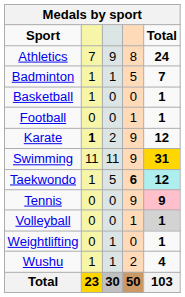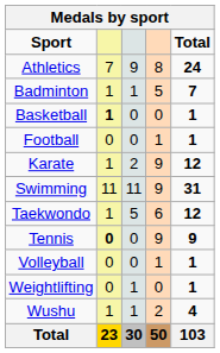 <table class="wikitable" style="font-size:85%">
 <tr style="background:#efefef;">
 <th colspan=7><strong>Medals by sport</strong></th>
 </tr>
 <tr align=center>
 <td><strong>Sport</strong></td>
 <td bgcolor=#f7f6a8></td>
 <td bgcolor=#dce5e5></td>
 <td bgcolor=#ffdab9></td>
 <td><strong>Total</strong></td>
 </tr>
 <tr align=center>
 <td><a href='#'>Athletics</a></td>
 <td style="background:#F7F6A8;">7</td>
 <td style="background:#DCE5E5;">9</td>
 <td style="background:#FFDAB9;">8</td>
 <td><strong>24</strong></td>
 </tr>
 <tr align=center>
 <td><a href='#'>Badminton</a></td>
 <td style="background:#F7F6A8;">1</td>
 <td style="background:#DCE5E5;">1</td>
 <td style="background:#FFDAB9;">5</td>
 <td><strong>7</strong></td>
 </tr>
 <tr align=center>
 <td><a href='#'>Basketball</a></td>
-<td style="background:#F7F6A8;">1</td>
+<td style="background:#F7F6A8;"><strong>1</strong></td>
 <td style="background:#DCE5E5;">0</td>
 <td style="background:#FFDAB9;">0</td>
 <td><strong>1</strong></td>
 </tr>
 <tr align=center>
 <td><a href='#'>Football</a></td>
 <td style="background:#F7F6A8;">0</td>
 <td style="background:#DCE5E5;">0</td>
 <td style="background:#FFDAB9;">1</td>
 <td><strong>1</strong></td>
 </tr>
 <tr align=center>
 <td><a href='#'>Karate</a></td>
-<td style="background:#F7F6A8;"><strong>1</strong></td>
+<td style="background:#F7F6A8;">1</td>
 <td style="background:#DCE5E5;">2</td>
 <td style="background:#FFDAB9;">9</td>
 <td><strong>12</strong></td>
 </tr>
 <tr align=center>
 <td><a href='#'>Swimming</a></td>
 <td style="background:#F7F6A8;">11</td>
 <td style="background:#DCE5E5;">11</td>
 <td style="background:#FFDAB9;">9</td>
-<td style="background: gold;"><strong>31</strong></td>
+<td><strong>31</strong></td>
 </tr>
 <tr align=center>
 <td><a href='#'>Taekwondo</a></td>
 <td style="background:#F7F6A8;">1</td>
 <td style="background:#DCE5E5;">5</td>
-<td style="background:#FFDAB9;"><strong>6</strong></td>
-<td style="background: paleturquoise;"><strong>12</strong></td>
+<td style="background:#FFDAB9;">6</td>
+<td><strong>12</strong></td>
 </tr>
 <tr align=center>
 <td><a href='#'>Tennis</a></td>
-<td style="background:#F7F6A8;">0</td>
+<td style="background:#F7F6A8;"><strong>0</strong></td>
 <td style="background:#DCE5E5;">0</td>
 <td style="background:#FFDAB9;">9</td>
-<td style="background: pink;"><strong>9</strong></td>
+<td><strong>9</strong></td>
 </tr>
 <tr align=center>
 <td><a href='#'>Volleyball</a></td>
 <td style="background:#F7F6A8;">0</td>
 <td style="background:#DCE5E5;">0</td>
 <td style="background:#FFDAB9;">1</td>
-<td style="background: lightgrey;"><strong>1</strong></td>
+<td><strong>1</strong></td>
 </tr>
 <tr align=center>
 <td><a href='#'>Weightlifting</a></td>
 <td style="background:#F7F6A8;">0</td>
 <td style="background:#DCE5E5;">1</td>
 <td style="background:#FFDAB9;">0</td>
 <td><strong>1</strong></td>
 </tr>
 <tr align=center>
 <td><a href='#'>Wushu</a></td>
 <td style="background:#F7F6A8;">1</td>
 <td style="background:#DCE5E5;">1</td>
 <td style="background:#FFDAB9;">2</td>
 <td><strong>4</strong></td>
 </tr>
 <tr align=center>
 <th><strong>Total</strong></th>
 <th style="background:gold;"><strong>23</strong></th>
 <th style="background:silver;"><strong>30</strong></th>
 <th style="background:#c96;"><strong>50</strong></th>
 <th><strong>103</strong></th>
 </tr>
 </table>
